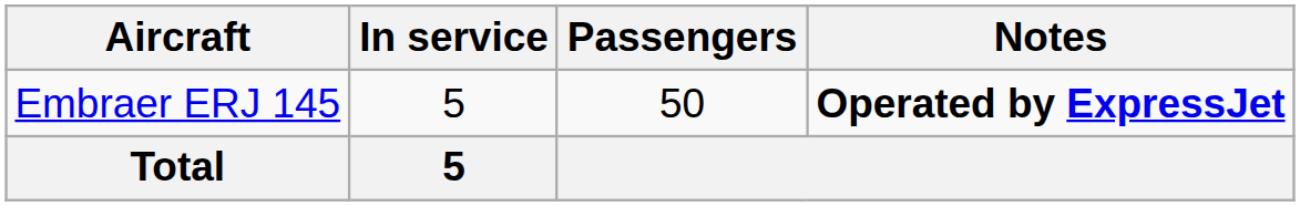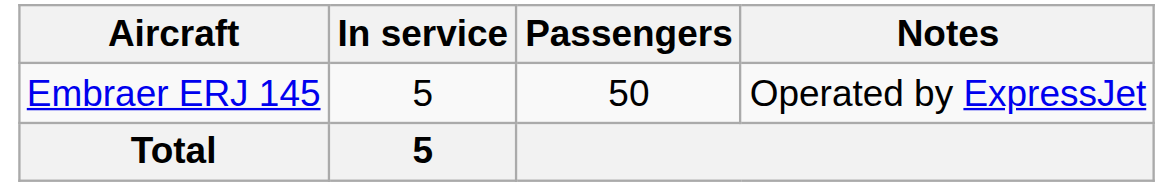 <table class="wikitable" style="text-align:center;margin:auto;">
 <tr>
 <th>Aircraft</th>
 <th>In service</th>
 <th>Passengers</th>
 <th>Notes</th>
 </tr>
 <tr>
 <td><a href='#'>Embraer ERJ 145</a></td>
 <td>5</td>
 <td>50</td>
-<td><strong>Operated by <a href='#'>ExpressJet</a></strong></td>
+<td>Operated by <a href='#'>ExpressJet</a></td>
 </tr>
 <tr>
 <th>Total</th>
 <th>5</th>
 <th colspan="2"></th>
 </tr>
 </table>
